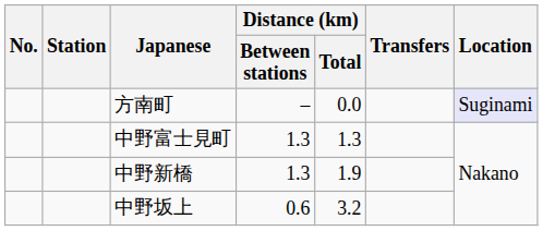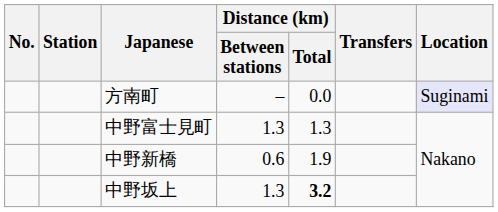 <table class="wikitable">
 <tr>
 <th rowspan="2">No.</th>
 <th rowspan="2">Station</th>
 <th rowspan="2">Japanese</th>
 <th colspan="2">Distance (km)</th>
 <th rowspan="2">Transfers</th>
 <th rowspan="2">Location</th>
 </tr>
 <tr>
 <th>Between<br>stations</th>
 <th>Total</th>
 </tr>
 <tr>
 <td></td>
 <td></td>
 <td>方南町</td>
 <td style="text-align:right;">–</td>
 <td style="text-align:right;">0.0</td>
 <td> </td>
 <td style="background: lavender;">Suginami</td>
 </tr>
 <tr>
 <td></td>
 <td></td>
 <td>中野富士見町</td>
 <td style="text-align:right;">1.3</td>
 <td style="text-align:right;">1.3</td>
 <td> </td>
 <td rowspan="3">Nakano</td>
 </tr>
 <tr>
 <td></td>
 <td></td>
 <td>中野新橋</td>
-<td style="text-align:right;">1.3</td>
+<td style="text-align:right;">0.6</td>
 <td style="text-align:right;">1.9</td>
 <td> </td>
 </tr>
 <tr>
 <td></td>
 <td></td>
 <td>中野坂上</td>
-<td style="text-align:right;">0.6</td>
-<td style="text-align:right;">3.2</td>
+<td style="text-align:right;">1.3</td>
+<td style="text-align:right;"><strong>3.2</strong></td>
 <td></td>
 </tr>
 </table>
